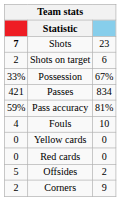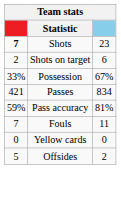 <table class="wikitable" style="margin-left: auto; margin-right: auto; border: none; text-align:center;">
 <tr>
 <th colspan=3>Team stats</th>
 </tr>
 <tr>
 <th style="background: #ee1d24; color: #ffff00;"> <a href='#'></a></th>
 <th>Statistic</th>
 <th style="background: #87CEEB; color: #FFFFFF;"> <a href='#'></a></th>
 </tr>
 <tr>
 <td><strong>7</strong></td>
 <td>Shots</td>
 <td>23</td>
 </tr>
 <tr>
 <td>2</td>
 <td>Shots on target</td>
 <td>6</td>
 </tr>
 <tr>
 <td>33%</td>
 <td>Possession</td>
 <td>67%</td>
 </tr>
 <tr>
 <td>421</td>
 <td>Passes</td>
 <td>834</td>
 </tr>
 <tr>
 <td>59%</td>
 <td>Pass accuracy</td>
 <td>81%</td>
 </tr>
 <tr>
-<td>4</td>
+<td>7</td>
 <td>Fouls</td>
-<td>10</td>
+<td>11</td>
 </tr>
 <tr>
 <td>0</td>
 <td>Yellow cards</td>
 <td>0</td>
 </tr>
 <tr>
-<td>0</td>
-<td>Red cards</td>
-<td>0</td>
-</tr>
-<tr>
 <td>5</td>
 <td>Offsides</td>
 <td>2</td>
 </tr>
-<tr>
-<td>2</td>
-<td>Corners</td>
-<td>9</td>
-</tr>
 </table>
